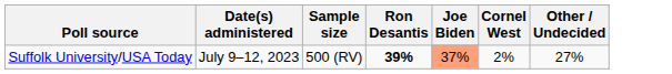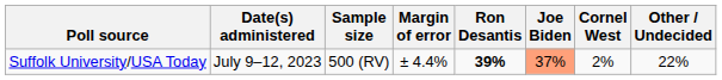 <table class="wikitable sortable mw-datatable" style="font-size:90%;text-align:center;line-height:17px">
 <tr valign=bottom>
 <th>Poll source</th>
 <th>Date(s)<br>administered</th>
 <th>Sample<br>size</th>
+<th>Margin<br>of error</th>
 <th class="unsortable">Ron<br>Desantis<br></th>
 <th class="unsortable">Joe<br>Biden<br></th>
 <th class="unsortable">Cornel<br>West<br></th>
 <th class="unsortable">Other /<br>Undecided</th>
 </tr>
 <tr>
 <td style="text-align:left;"><a href='#'>Suffolk University</a>/<a href='#'>USA Today</a></td>
 <td data-sort-value="2023-07-26">July 9–12, 2023</td>
 <td>500 (RV)</td>
+<td>± 4.4%</td>
 <td style="background-color:"><strong>39%</strong></td>
 <td style="background: lightsalmon;">37%</td>
 <td>2%</td>
-<td>27%</td>
+<td>22%</td>
 </tr>
 </table>
